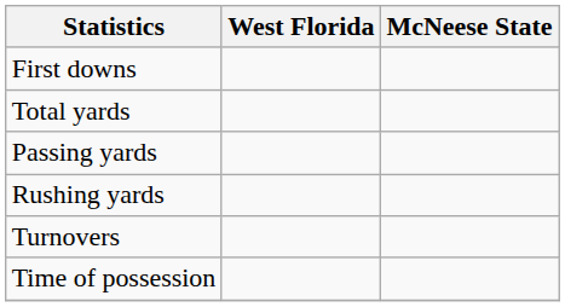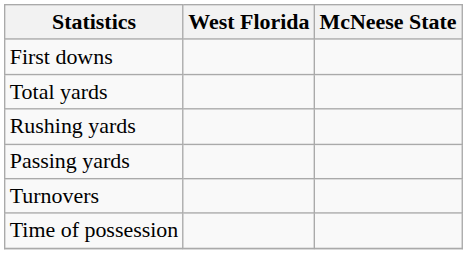 <table class="wikitable">
 <tr>
 <th>Statistics</th>
 <th>West Florida</th>
 <th>McNeese State</th>
 </tr>
 <tr>
 <td>First downs</td>
 <td> </td>
 <td> </td>
 </tr>
 <tr>
 <td>Total yards</td>
 <td> </td>
 <td> </td>
 </tr>
 <tr>
-<td>Passing yards</td>
+<td>Rushing yards</td>
 <td> </td>
 <td> </td>
 </tr>
 <tr>
-<td>Rushing yards</td>
+<td>Passing yards</td>
 <td> </td>
 <td> </td>
 </tr>
 <tr>
 <td>Turnovers</td>
 <td> </td>
 <td> </td>
 </tr>
 <tr>
 <td>Time of possession</td>
 <td> </td>
 <td> </td>
 </tr>
 <tr>
 </tr>
 </table>
